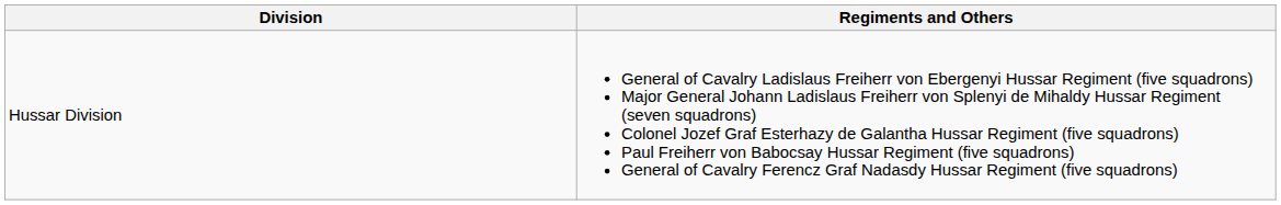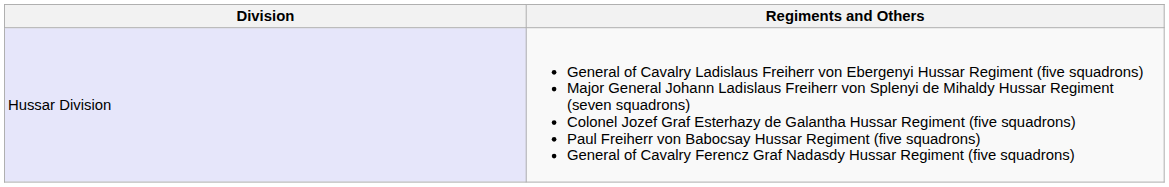 <table class="wikitable">
 <tr>
 <th style="width:45%;">Division</th>
 <th>Regiments and Others</th>
 </tr>
 <tr>
-<td>Hussar Division</td>
+<td style="background: lavender;">Hussar Division</td>
 <td><br><ul><li>General of Cavalry Ladislaus Freiherr von Ebergenyi Hussar Regiment (five squadrons)</li><li>Major General Johann Ladislaus Freiherr von Splenyi de Mihaldy Hussar Regiment (seven squadrons)</li><li>Colonel Jozef Graf Esterhazy de Galantha Hussar Regiment (five squadrons)</li><li>Paul Freiherr von Babocsay Hussar Regiment (five squadrons)</li><li>General of Cavalry Ferencz Graf Nadasdy Hussar Regiment (five squadrons)</li></ul></td>
 </tr>
 </table>
